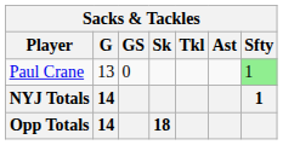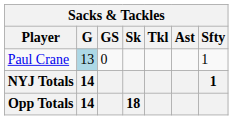 <table class="wikitable">
 <tr>
 <th colspan="7">Sacks & Tackles</th>
 </tr>
 <tr>
 <th>Player</th>
 <th>G</th>
 <th>GS</th>
 <th>Sk</th>
 <th>Tkl</th>
 <th>Ast</th>
 <th>Sfty</th>
 </tr>
 <tr>
 <td><a href='#'>Paul Crane</a></td>
-<td>13</td>
+<td style="background: lightblue;">13</td>
 <td>0</td>
 <td></td>
 <td></td>
 <td></td>
-<td style="background: lightgreen;">1</td>
+<td>1</td>
 </tr>
 <tr>
 <th><strong>NYJ Totals</strong></th>
 <th>14</th>
 <th></th>
 <th></th>
 <th></th>
 <th></th>
 <th>1</th>
 </tr>
 <tr>
 <th><strong>Opp Totals</strong></th>
 <th>14</th>
 <th></th>
 <th>18</th>
 <th></th>
 <th></th>
 <th></th>
 </tr>
 </table>
